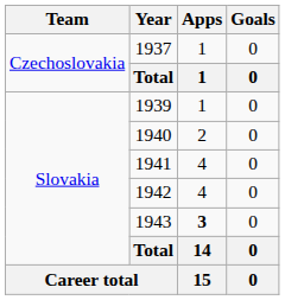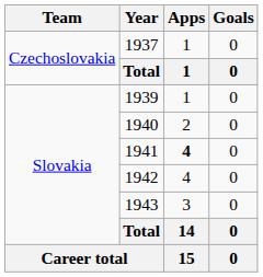 <table class="wikitable" style="text-align:center">
 <tr>
 <th>Team</th>
 <th>Year</th>
 <th>Apps</th>
 <th>Goals</th>
 </tr>
 <tr>
 <td rowspan="2"><a href='#'>Czechoslovakia</a></td>
 <td>1937</td>
 <td>1</td>
 <td>0</td>
 </tr>
 <tr>
 <th>Total</th>
 <th>1</th>
 <th>0</th>
 </tr>
 <tr>
 <td rowspan="6"><a href='#'>Slovakia</a></td>
 <td>1939</td>
 <td>1</td>
 <td>0</td>
 </tr>
 <tr>
 <td>1940</td>
 <td>2</td>
 <td>0</td>
 </tr>
 <tr>
 <td>1941</td>
-<td>4</td>
+<td><strong>4</strong></td>
 <td>0</td>
 </tr>
 <tr>
 <td>1942</td>
 <td>4</td>
 <td>0</td>
 </tr>
 <tr>
 <td>1943</td>
-<td><strong>3</strong></td>
+<td>3</td>
 <td>0</td>
 </tr>
 <tr>
 <th>Total</th>
 <th>14</th>
 <th>0</th>
 </tr>
 <tr>
 <th colspan="2">Career total</th>
 <th>15</th>
 <th>0</th>
 </tr>
 </table>
